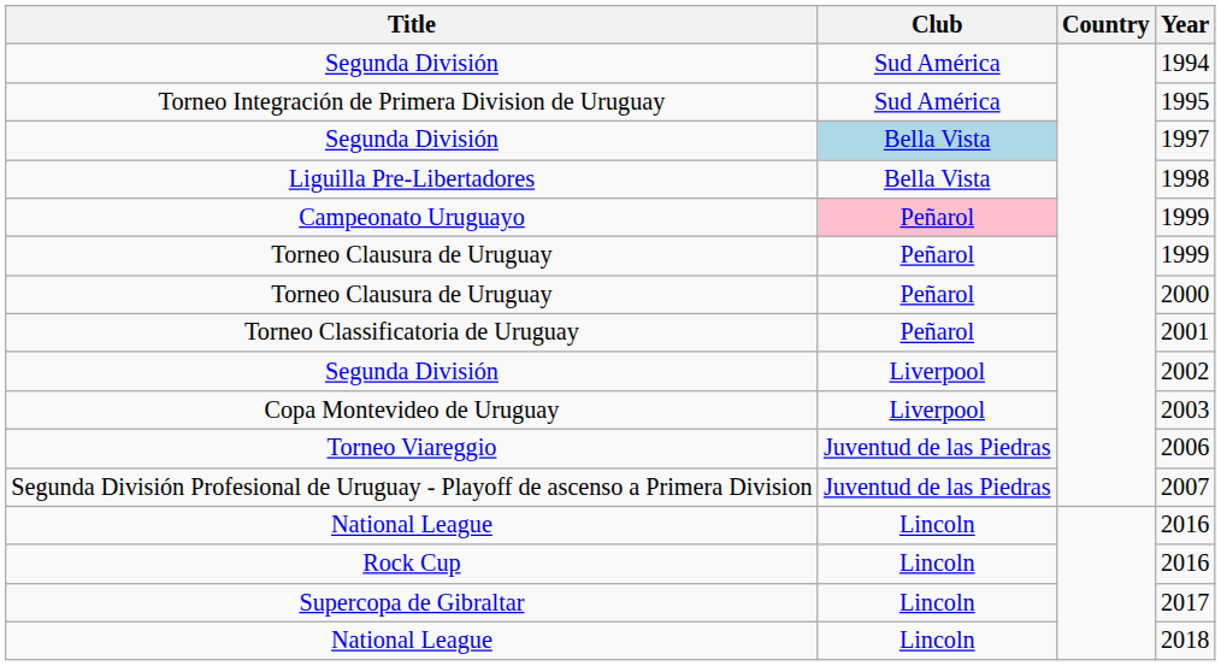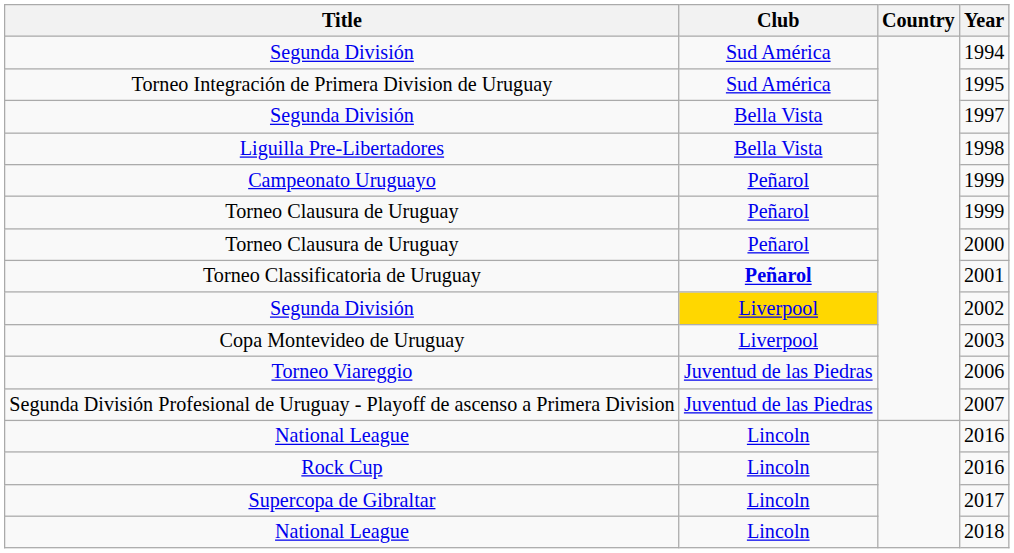 <table class="wikitable" style="text-align:center">
 <tr>
 <th>Title</th>
 <th>Club</th>
 <th>Country</th>
 <th>Year</th>
 </tr>
 <tr>
 <td><a href='#'>Segunda División</a></td>
 <td><a href='#'>Sud América</a></td>
 <td rowspan="12"></td>
 <td>1994</td>
 </tr>
 <tr>
 <td>Torneo Integración de Primera Division de Uruguay</td>
 <td><a href='#'>Sud América</a></td>
 <td>1995</td>
 </tr>
 <tr>
 <td><a href='#'>Segunda División</a></td>
-<td rowspan="1" style="background: lightblue;"><a href='#'>Bella Vista</a></td>
+<td rowspan="1"><a href='#'>Bella Vista</a></td>
 <td>1997</td>
 </tr>
 <tr>
 <td><a href='#'>Liguilla Pre-Libertadores</a></td>
 <td><a href='#'>Bella Vista</a></td>
 <td>1998</td>
 </tr>
 <tr>
 <td><a href='#'>Campeonato Uruguayo</a></td>
-<td style="background: pink;"><a href='#'>Peñarol</a></td>
+<td><a href='#'>Peñarol</a></td>
 <td>1999</td>
 </tr>
 <tr>
 <td>Torneo Clausura de Uruguay</td>
 <td><a href='#'>Peñarol</a></td>
 <td>1999</td>
 </tr>
 <tr>
 <td>Torneo Clausura de Uruguay</td>
 <td><a href='#'>Peñarol</a></td>
 <td>2000</td>
 </tr>
 <tr>
 <td>Torneo Classificatoria de Uruguay</td>
-<td><a href='#'>Peñarol</a></td>
+<td><strong><a href='#'>Peñarol</a></strong></td>
 <td>2001</td>
 </tr>
 <tr>
 <td><a href='#'>Segunda División</a></td>
-<td><a href='#'>Liverpool</a></td>
+<td style="background: gold;"><a href='#'>Liverpool</a></td>
 <td>2002</td>
 </tr>
 <tr>
 <td>Copa Montevideo de Uruguay</td>
 <td><a href='#'>Liverpool</a></td>
 <td>2003</td>
 </tr>
 <tr>
 <td><a href='#'>Torneo Viareggio</a></td>
 <td><a href='#'>Juventud de las Piedras</a></td>
 <td>2006</td>
 </tr>
 <tr>
 <td>Segunda División Profesional de Uruguay - Playoff de ascenso a Primera Division</td>
 <td><a href='#'>Juventud de las Piedras</a></td>
 <td>2007</td>
 </tr>
 <tr>
 <td><a href='#'>National League</a></td>
 <td><a href='#'>Lincoln</a></td>
 <td rowspan="12"></td>
 <td>2016</td>
 </tr>
 <tr>
 <td><a href='#'>Rock Cup</a></td>
 <td><a href='#'>Lincoln</a></td>
 <td>2016</td>
 </tr>
 <tr>
 <td><a href='#'>Supercopa de Gibraltar</a></td>
 <td><a href='#'>Lincoln</a></td>
 <td>2017</td>
 </tr>
 <tr>
 <td><a href='#'>National League</a></td>
 <td><a href='#'>Lincoln</a></td>
 <td>2018</td>
 </tr>
 </table>
